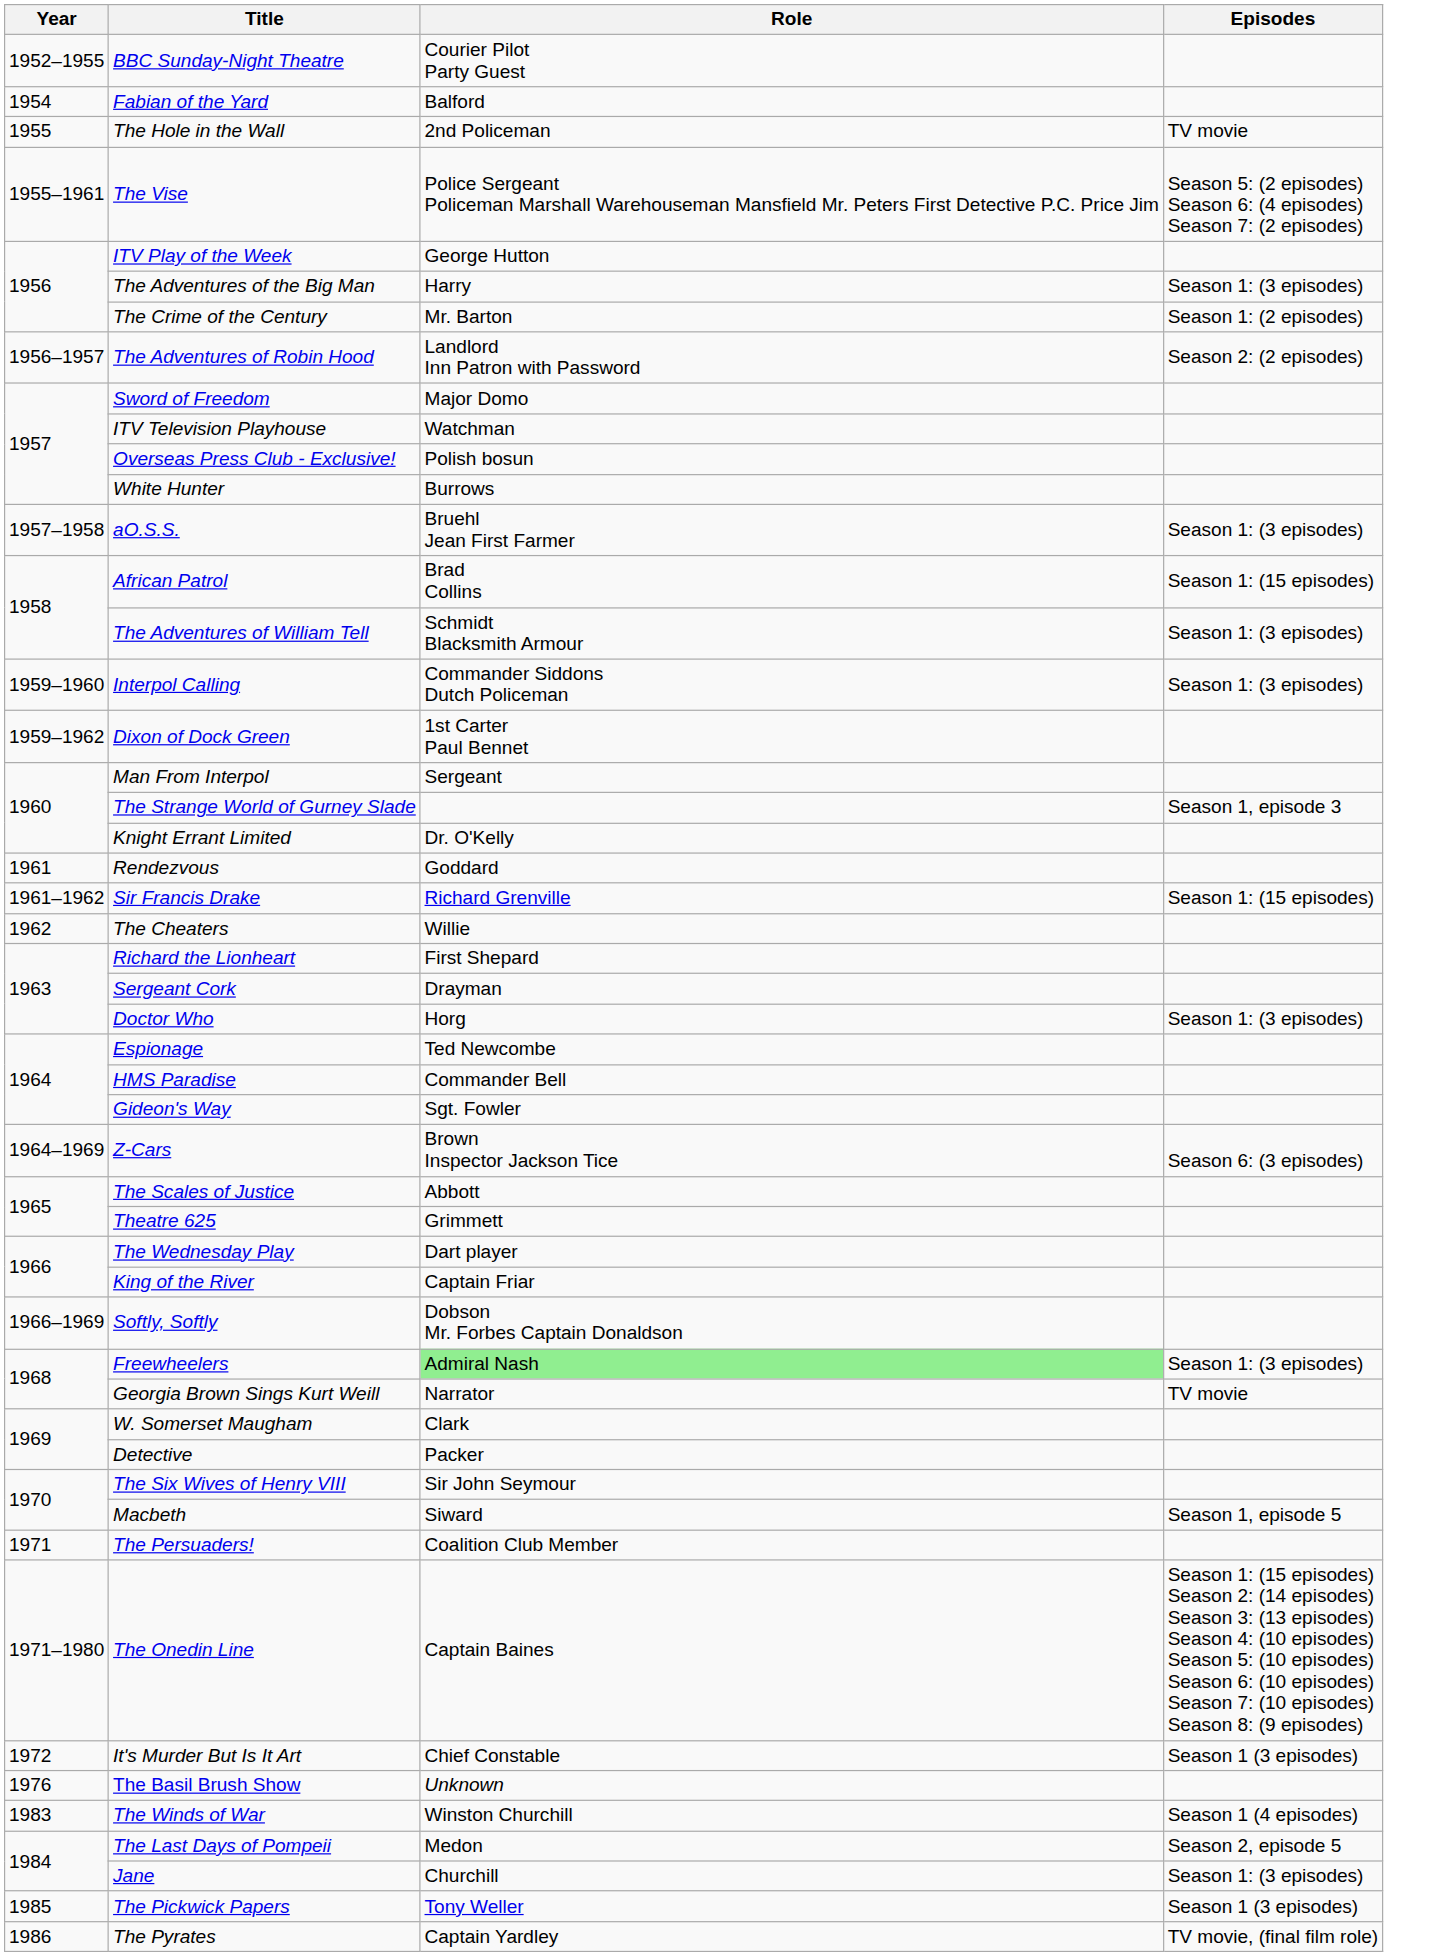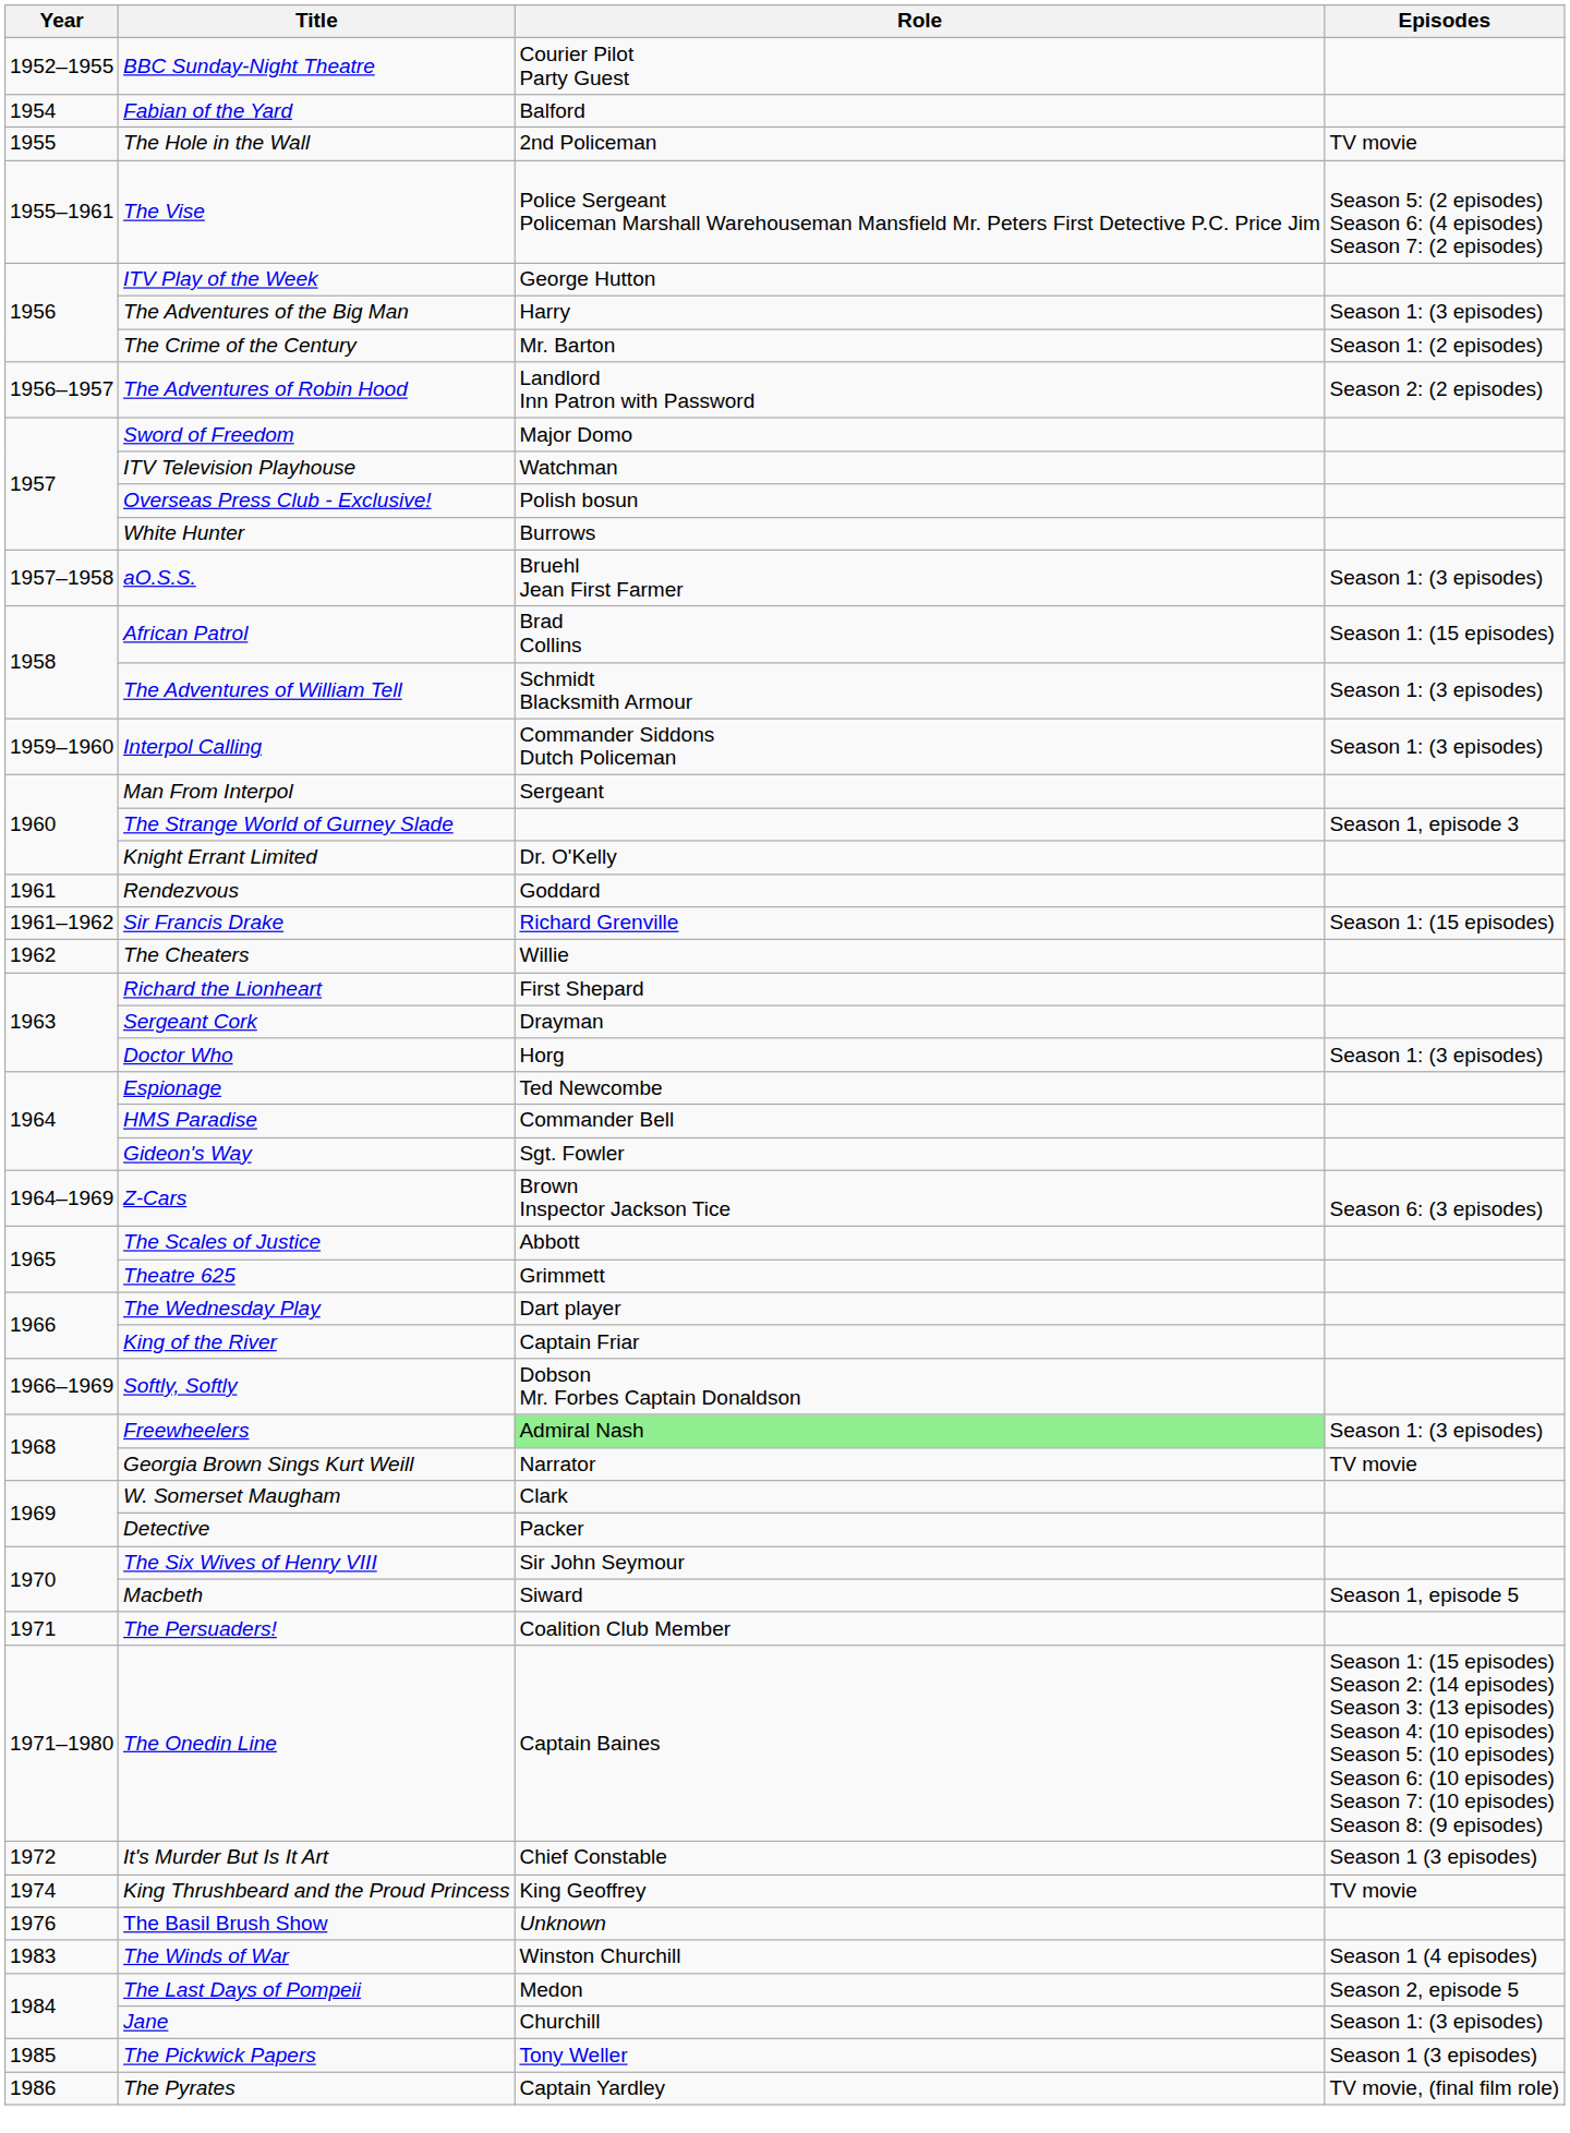 <table class="wikitable sortable jquery-tablesorter">
 <tr>
 <th>Year</th>
 <th>Title</th>
 <th>Role</th>
 <th>Episodes</th>
 </tr>
 <tr>
 <td>1952–1955</td>
 <td><em><a href='#'>BBC Sunday-Night Theatre</a></em></td>
 <td>Courier Pilot<br>Party Guest</td>
 <td><br></td>
 </tr>
 <tr>
 <td>1954</td>
 <td><em><a href='#'>Fabian of the Yard</a></em></td>
 <td>Balford</td>
 <td></td>
 </tr>
 <tr>
 <td>1955</td>
 <td><em>The Hole in the Wall</em></td>
 <td>2nd Policeman</td>
 <td>TV movie</td>
 </tr>
 <tr>
 <td>1955–1961</td>
 <td><em><a href='#'>The Vise</a></em></td>
 <td>Police Sergeant<br>Policeman Marshall Warehouseman Mansfield Mr. Peters First Detective P.C. Price Jim</td>
 <td><br>Season 5: (2 episodes)<br>Season 6: (4 episodes)<br>Season 7: (2 episodes)</td>
 </tr>
 <tr>
 <td rowspan=3>1956</td>
 <td><em><a href='#'>ITV Play of the Week</a></em></td>
 <td>George Hutton</td>
 <td></td>
 </tr>
 <tr>
 <td><em>The Adventures of the Big Man</em></td>
 <td>Harry</td>
 <td>Season 1: (3 episodes)</td>
 </tr>
 <tr>
 <td><em>The Crime of the Century</em></td>
 <td>Mr. Barton</td>
 <td>Season 1: (2 episodes)</td>
 </tr>
 <tr>
 <td>1956–1957</td>
 <td><em><a href='#'>The Adventures of Robin Hood</a></em></td>
 <td>Landlord<br>Inn Patron with Password</td>
 <td>Season 2: (2 episodes)</td>
 </tr>
 <tr>
 <td rowspan=4>1957</td>
 <td><em><a href='#'>Sword of Freedom</a></em></td>
 <td>Major Domo</td>
 <td></td>
 </tr>
 <tr>
 <td><em>ITV Television Playhouse</em></td>
 <td>Watchman</td>
 <td></td>
 </tr>
 <tr>
 <td><em><a href='#'>Overseas Press Club - Exclusive!</a></em></td>
 <td>Polish bosun</td>
 <td></td>
 </tr>
 <tr>
 <td><em>White Hunter</em></td>
 <td>Burrows</td>
 <td></td>
 </tr>
 <tr>
 <td>1957–1958</td>
 <td><em><a href='#'>aO.S.S.</a></em></td>
 <td>Bruehl<br>Jean First Farmer</td>
 <td>Season 1: (3 episodes)</td>
 </tr>
 <tr a>
 <td rowspan=2>1958</td>
 <td><em><a href='#'>African Patrol</a></em></td>
 <td>Brad<br>Collins</td>
 <td>Season 1: (15 episodes)</td>
 </tr>
 <tr>
 <td><em><a href='#'>The Adventures of William Tell</a></em></td>
 <td>Schmidt<br>Blacksmith Armour</td>
 <td>Season 1: (3 episodes)</td>
 </tr>
 <tr>
 <td>1959–1960</td>
 <td><em><a href='#'>Interpol Calling</a></em></td>
 <td>Commander Siddons<br>Dutch Policeman</td>
 <td>Season 1: (3 episodes)</td>
-</tr>
-<tr>
-<td>1959–1962</td>
-<td><em><a href='#'>Dixon of Dock Green</a></em></td>
-<td>1st Carter<br>Paul Bennet</td>
-<td><br></td>
 </tr>
 <tr>
 <td rowspan=3>1960</td>
 <td><em>Man From Interpol</em></td>
 <td>Sergeant</td>
 <td></td>
 </tr>
 <tr>
 <td><em><a href='#'>The Strange World of Gurney Slade</a></em></td>
 <td></td>
 <td>Season 1, episode 3</td>
 </tr>
 <tr>
 <td><em>Knight Errant Limited</em></td>
 <td>Dr. O'Kelly</td>
 <td></td>
 </tr>
 <tr>
 <td>1961</td>
 <td><em>Rendezvous</em></td>
 <td>Goddard</td>
 <td></td>
 </tr>
 <tr>
 <td>1961–1962</td>
 <td><em><a href='#'>Sir Francis Drake</a></em></td>
 <td><a href='#'>Richard Grenville</a></td>
 <td>Season 1: (15 episodes)</td>
 </tr>
 <tr>
 <td>1962</td>
 <td><em>The Cheaters</em></td>
 <td>Willie</td>
 <td></td>
 </tr>
 <tr>
 <td rowspan=3>1963</td>
 <td><em><a href='#'>Richard the Lionheart</a></em></td>
 <td>First Shepard</td>
 <td></td>
 </tr>
 <tr>
 <td><em><a href='#'>Sergeant Cork</a></em></td>
 <td>Drayman</td>
 <td></td>
 </tr>
 <tr>
 <td><em><a href='#'>Doctor Who</a></em></td>
 <td>Horg</td>
 <td>Season 1: (3 episodes)</td>
 </tr>
 <tr>
 <td rowspan=3>1964</td>
 <td><em><a href='#'>Espionage</a></em></td>
 <td>Ted Newcombe</td>
 <td></td>
 </tr>
 <tr>
 <td><em><a href='#'>HMS Paradise</a></em></td>
 <td>Commander Bell</td>
 <td></td>
 </tr>
 <tr>
 <td><em><a href='#'>Gideon's Way</a></em></td>
 <td>Sgt. Fowler</td>
 <td></td>
 </tr>
 <tr>
 <td>1964–1969</td>
 <td><em><a href='#'>Z-Cars</a></em></td>
 <td>Brown<br>Inspector Jackson Tice</td>
 <td><br>Season 6: (3 episodes)</td>
 </tr>
 <tr>
 <td rowspan=2>1965</td>
 <td><em><a href='#'>The Scales of Justice</a></em></td>
 <td>Abbott</td>
 <td></td>
 </tr>
 <tr>
 <td><em><a href='#'>Theatre 625</a></em></td>
 <td>Grimmett</td>
 <td></td>
 </tr>
 <tr>
 <td rowspan=2>1966</td>
 <td><em><a href='#'>The Wednesday Play</a></em></td>
 <td>Dart player</td>
 <td></td>
 </tr>
 <tr>
 <td><em><a href='#'>King of the River</a></em></td>
 <td>Captain Friar</td>
 <td></td>
 </tr>
 <tr>
 <td>1966–1969</td>
 <td><em><a href='#'>Softly, Softly</a></em></td>
 <td>Dobson<br>Mr. Forbes Captain Donaldson</td>
 <td><br></td>
 </tr>
 <tr>
 <td rowspan=2>1968</td>
 <td><em><a href='#'>Freewheelers</a></em></td>
 <td style="background: lightgreen;">Admiral Nash</td>
 <td>Season 1: (3 episodes)</td>
 </tr>
 <tr>
 <td><em>Georgia Brown Sings Kurt Weill</em></td>
 <td>Narrator</td>
 <td>TV movie</td>
 </tr>
 <tr>
 <td rowspan=2>1969</td>
 <td><em>W. Somerset Maugham</em></td>
 <td>Clark</td>
 <td></td>
 </tr>
 <tr>
 <td><em>Detective</em></td>
 <td>Packer</td>
 <td></td>
 </tr>
 <tr>
 <td rowspan=2>1970</td>
 <td><em><a href='#'>The Six Wives of Henry VIII</a></em></td>
 <td>Sir John Seymour</td>
 <td></td>
 </tr>
 <tr>
 <td><em>Macbeth</em></td>
 <td>Siward</td>
 <td>Season 1, episode 5</td>
 </tr>
 <tr>
 <td>1971</td>
 <td><em><a href='#'>The Persuaders!</a></em></td>
 <td>Coalition Club Member</td>
 <td></td>
 </tr>
 <tr>
 <td>1971–1980</td>
 <td><em><a href='#'>The Onedin Line</a></em></td>
 <td>Captain Baines</td>
 <td>Season 1: (15 episodes)<br>Season 2: (14 episodes)<br>Season 3: (13 episodes)<br>Season 4: (10 episodes)<br>Season 5: (10 episodes)<br>Season 6: (10 episodes)<br>Season 7: (10 episodes)<br>Season 8: (9 episodes)</td>
 </tr>
 <tr>
 <td>1972</td>
 <td><em>It's Murder But Is It Art</em></td>
 <td>Chief Constable</td>
 <td>Season 1 (3 episodes)</td>
 </tr>
 <tr>
+<td>1974</td>
+<td><em>King Thrushbeard and the Proud Princess</em></td>
+<td>King Geoffrey</td>
+<td>TV movie</td>
+</tr>
+<tr>
 <td>1976</td>
 <td><a href='#'>The Basil Brush Show</a></td>
 <td><em>Unknown</em></td>
 <td></td>
 </tr>
 <tr>
 <td>1983</td>
 <td><em><a href='#'>The Winds of War</a></em></td>
 <td>Winston Churchill</td>
 <td>Season 1 (4 episodes)</td>
 </tr>
 <tr>
 <td rowspan=2>1984</td>
 <td><em><a href='#'>The Last Days of Pompeii</a></em></td>
 <td>Medon</td>
 <td>Season 2, episode 5</td>
 </tr>
 <tr>
 <td><em><a href='#'>Jane</a></em></td>
 <td>Churchill</td>
 <td>Season 1: (3 episodes)</td>
 </tr>
 <tr>
 <td>1985</td>
 <td><em><a href='#'>The Pickwick Papers</a></em></td>
 <td><a href='#'>Tony Weller</a></td>
 <td>Season 1 (3 episodes)</td>
 </tr>
 <tr>
 <td>1986</td>
 <td><em>The Pyrates</em></td>
 <td>Captain Yardley</td>
 <td>TV movie, (final film role)</td>
 </tr>
 </table>
